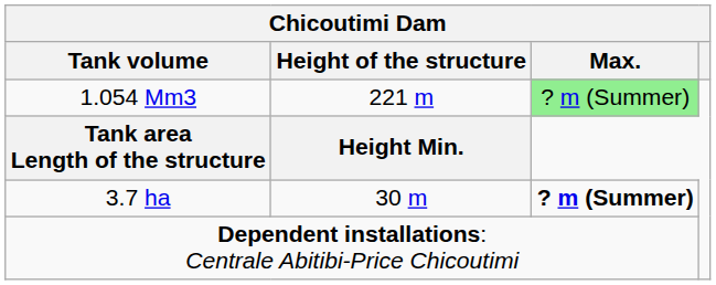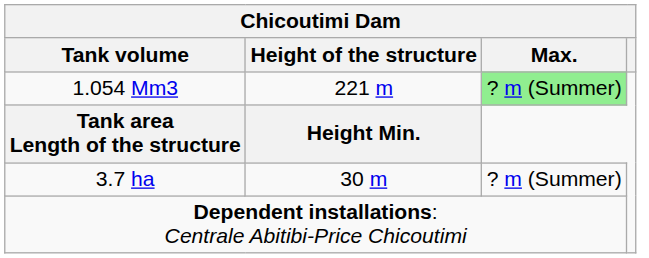 <table class = "wikitable" style = "text-align: center; margin-left: 1em; cellpadding: 2px">
 <tr>
 <th colspan = "4" style = "font-size: #eaeaea">Chicoutimi Dam</th>
 </tr>
 <tr style = "height: 20px">
 <th>Tank volume</th>
 <th>Height of the structure</th>
 <th>Max.</th>
 <th Colspan = 5></th>
 </tr>
 <tr style = "height: 25px">
 <td>1.054 <a href='#'>Mm3</a></td>
 <td>221 <a href='#'>m</a></td>
 <td style="background: lightgreen;">? <a href='#'>m</a> (Summer)</td>
 </tr>
 <tr style = "height: 20px">
 <th>Tank area<br>Length of the structure</th>
 <th>Height Min.</th>
 </tr>
 <tr style = "height: 25px">
 <td>3.7 <a href='#'>ha</a></td>
 <td>30 <a href='#'>m</a></td>
-<td><strong>? <a href='#'>m</a> (Summer)</strong></td>
+<td>? <a href='#'>m</a> (Summer)</td>
 </tr>
 <tr style = "height: 20px">
 <td colspan = "3" style = "font-size: #eaeaea"><strong>Dependent installations</strong>: <br> <em>Centrale Abitibi-Price Chicoutimi</em></td>
 </tr>
 </table>
